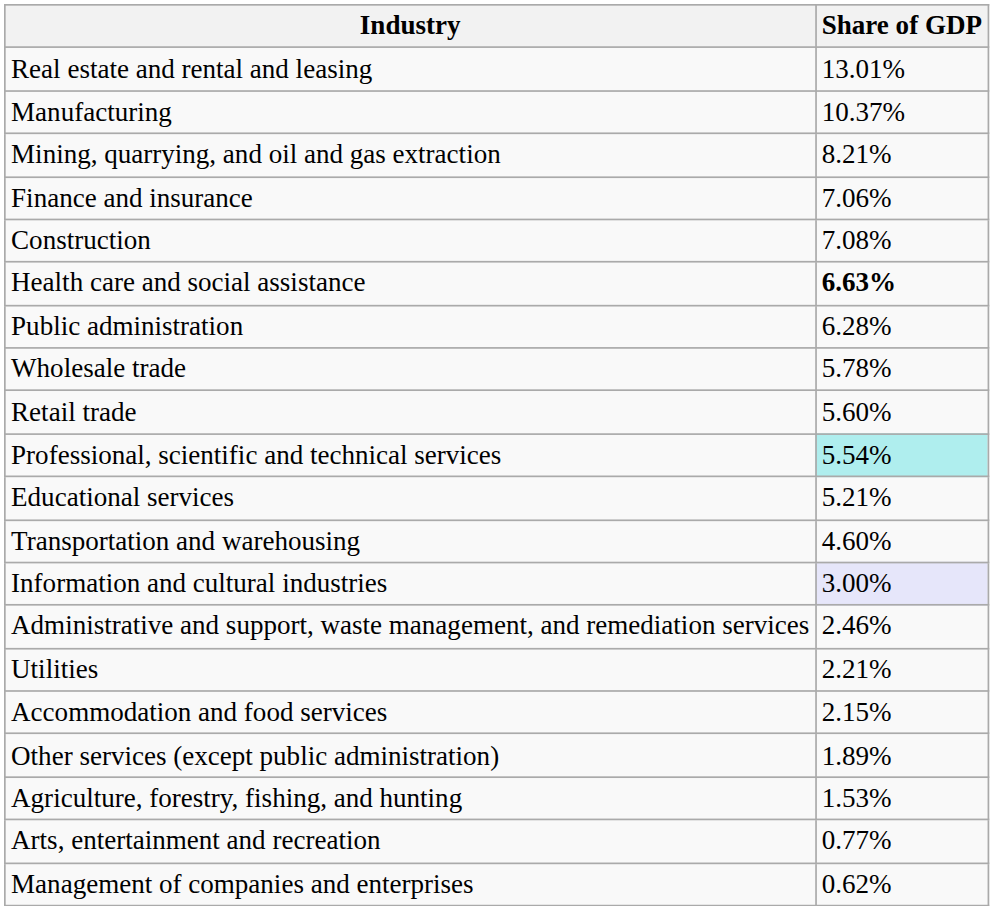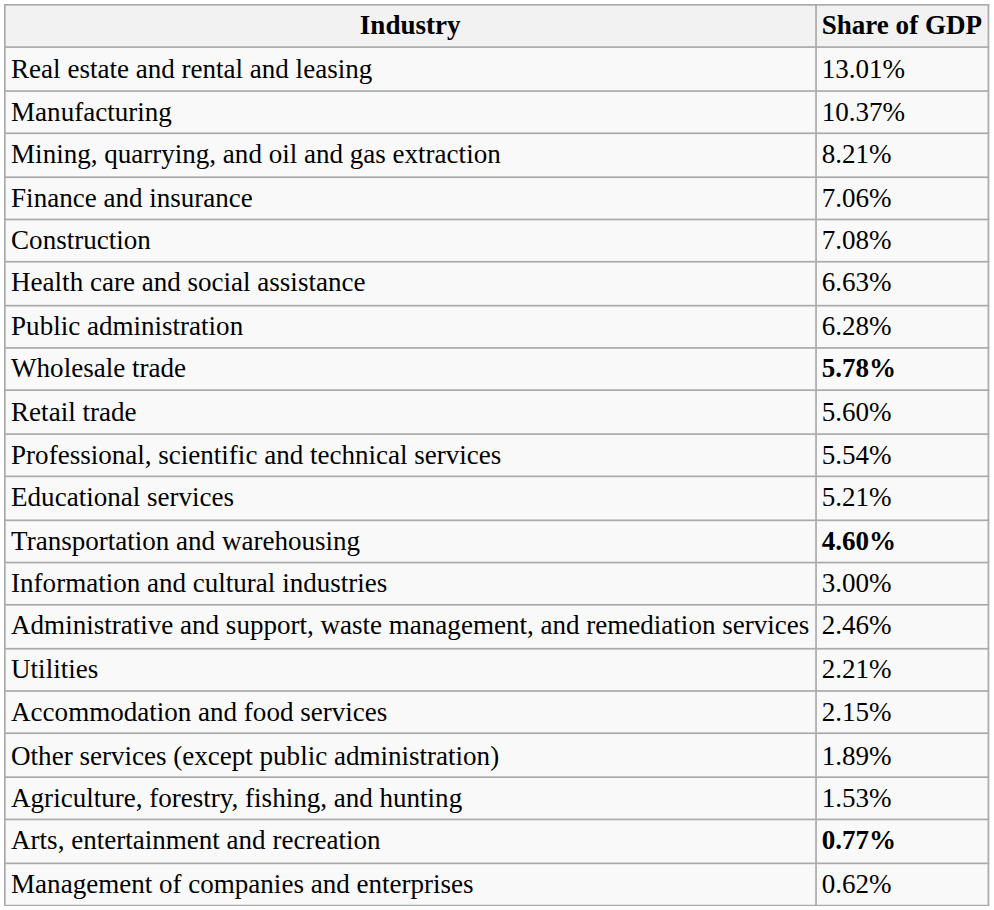 <table class="wikitable">
 <tr>
 <th>Industry</th>
 <th>Share of GDP</th>
 </tr>
 <tr>
 <td>Real estate and rental and leasing</td>
 <td>13.01%</td>
 </tr>
 <tr>
 <td>Manufacturing</td>
 <td>10.37%</td>
 </tr>
 <tr>
 <td>Mining, quarrying, and oil and gas extraction</td>
 <td>8.21%</td>
 </tr>
 <tr>
 <td>Finance and insurance</td>
 <td>7.06%</td>
 </tr>
 <tr>
 <td>Construction</td>
 <td>7.08%</td>
 </tr>
 <tr>
 <td>Health care and social assistance</td>
-<td><strong>6.63%</strong></td>
+<td>6.63%</td>
 </tr>
 <tr>
 <td>Public administration</td>
 <td>6.28%</td>
 </tr>
 <tr>
 <td>Wholesale trade</td>
-<td>5.78%</td>
+<td><strong>5.78%</strong></td>
 </tr>
 <tr>
 <td>Retail trade</td>
 <td>5.60%</td>
 </tr>
 <tr>
 <td>Professional, scientific and technical services</td>
-<td style="background: paleturquoise;">5.54%</td>
+<td>5.54%</td>
 </tr>
 <tr>
 <td>Educational services</td>
 <td>5.21%</td>
 </tr>
 <tr>
 <td>Transportation and warehousing</td>
-<td>4.60%</td>
+<td><strong>4.60%</strong></td>
 </tr>
 <tr>
 <td>Information and cultural industries</td>
-<td style="background: lavender;">3.00%</td>
+<td>3.00%</td>
 </tr>
 <tr>
 <td>Administrative and support, waste management, and remediation services</td>
 <td>2.46%</td>
 </tr>
 <tr>
 <td>Utilities</td>
 <td>2.21%</td>
 </tr>
 <tr>
 <td>Accommodation and food services</td>
 <td>2.15%</td>
 </tr>
 <tr>
 <td>Other services (except public administration)</td>
 <td>1.89%</td>
 </tr>
 <tr>
 <td>Agriculture, forestry, fishing, and hunting</td>
 <td>1.53%</td>
 </tr>
 <tr>
 <td>Arts, entertainment and recreation</td>
-<td>0.77%</td>
+<td><strong>0.77%</strong></td>
 </tr>
 <tr>
 <td>Management of companies and enterprises</td>
 <td>0.62%</td>
 </tr>
 </table>
